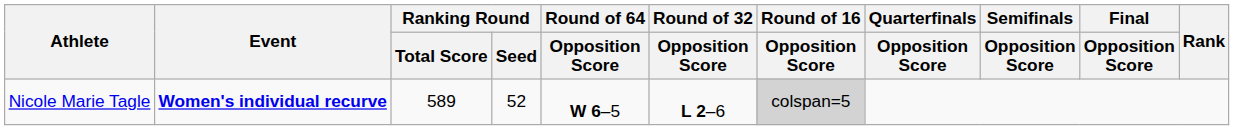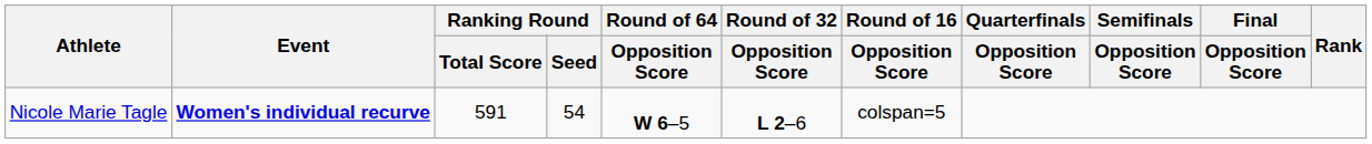 <table class="wikitable" style="font-size:90%; text-align:center">
 <tr>
 <th rowspan="2">Athlete</th>
 <th rowspan="2">Event</th>
 <th colspan="2">Ranking Round</th>
 <th>Round of 64</th>
 <th>Round of 32</th>
 <th>Round of 16</th>
 <th>Quarterfinals</th>
 <th>Semifinals</th>
 <th>Final</th>
 <th rowspan=2>Rank</th>
 </tr>
 <tr>
 <th>Total Score</th>
 <th>Seed</th>
 <th>Opposition<br>Score</th>
 <th>Opposition<br>Score</th>
 <th>Opposition<br>Score</th>
 <th>Opposition<br>Score</th>
 <th>Opposition<br>Score</th>
 <th>Opposition<br>Score</th>
 </tr>
 <tr>
 <td align=center><a href='#'>Nicole Marie Tagle</a></td>
 <td align=center><strong><a href='#'>Women's individual recurve</a></strong></td>
-<td align=center>589</td>
-<td align=center>52</td>
+<td align=center>591</td>
+<td align=center>54</td>
 <td align=center> <br> <strong>W</strong> <strong>6</strong>–5</td>
 <td align=center> <br> <strong>L</strong> <strong>2</strong>–6</td>
-<td style="background: lightgrey;">colspan=5 </td>
+<td>colspan=5 </td>
 </tr>
 </table>
